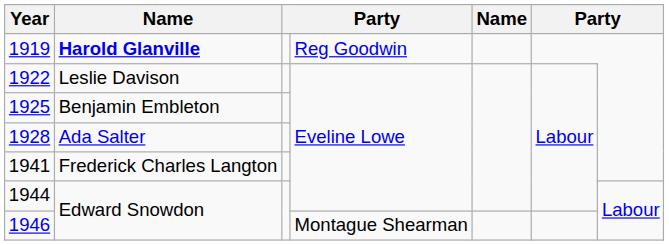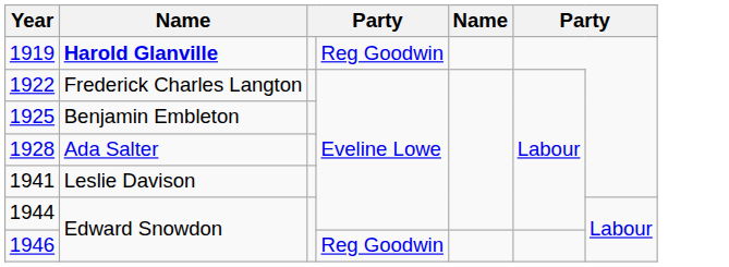 <table class="wikitable">
 <tr>
 <th>Year</th>
 <th>Name</th>
 <th colspan=2>Party</th>
 <th>Name</th>
 <th colspan=2>Party</th>
 </tr>
 <tr>
 <td><a href='#'>1919</a></td>
 <td><strong><a href='#'>Harold Glanville</a></strong></td>
 <td></td>
 <td><a href='#'>Reg Goodwin</a></td>
 <td></td>
 </tr>
 <tr>
 <td><a href='#'>1922</a></td>
-<td>Leslie Davison</td>
+<td>Frederick Charles Langton</td>
 <td></td>
 <td rowspan=5><a href='#'>Eveline Lowe</a></td>
 <td rowspan=5 style="background-color: "></td>
 <td rowspan=5><a href='#'>Labour</a></td>
 </tr>
 <tr>
 <td><a href='#'>1925</a></td>
 <td>Benjamin Embleton</td>
 <td></td>
 </tr>
 <tr>
 <td><a href='#'>1928</a></td>
 <td><a href='#'>Ada Salter</a></td>
 <td></td>
 </tr>
 <tr>
 <td>1941</td>
-<td>Frederick Charles Langton</td>
+<td>Leslie Davison</td>
 <td></td>
 </tr>
 <tr>
 <td>1944</td>
 <td rowspan=2>Edward Snowdon</td>
 <td rowspan=2 style="background-color: "></td>
 <td rowspan=2><a href='#'>Labour</a></td>
 </tr>
 <tr>
 <td><a href='#'>1946</a></td>
-<td>Montague Shearman</td>
+<td><a href='#'>Reg Goodwin</a></td>
 <td></td>
 </tr>
 </table>
